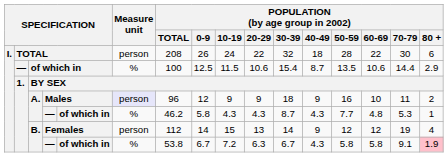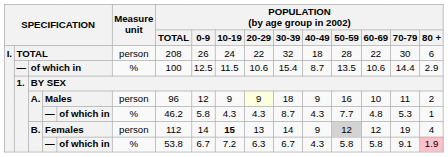 <table class="wikitable" style="font-size:85%; text-align:center">
 <tr>
 <th rowspan="2" colspan="5">SPECIFICATION</th>
 <th rowspan="2">Measure<br> unit</th>
 <th colspan="10" rowspan="1">POPULATION<br> (by age group in 2002)</th>
 </tr>
 <tr>
 <th>TOTAL</th>
 <th>0-9</th>
 <th>10-19</th>
 <th>20-29</th>
 <th>30-39</th>
 <th>40-49</th>
 <th>50-59</th>
 <th>60-69</th>
 <th>70-79</th>
 <th>80 +</th>
 </tr>
 <tr>
 <th style="text-align:left" valign="top" rowspan="7">I.</th>
 <th style="text-align:left" colspan="4">TOTAL</th>
 <td>person</td>
 <td>208</td>
 <td>26</td>
 <td>24</td>
 <td>22</td>
 <td>32</td>
 <td>18</td>
 <td>28</td>
 <td>22</td>
 <td>30</td>
 <td>6</td>
 </tr>
 <tr>
 <th style="text-align:left" valign="top">—</th>
 <th style="text-align:left" colspan="3">of which in</th>
 <td>%</td>
 <td>100</td>
 <td>12.5</td>
 <td>11.5</td>
 <td>10.6</td>
 <td>15.4</td>
 <td>8.7</td>
 <td>13.5</td>
 <td>10.6</td>
 <td>14.4</td>
 <td>2.9</td>
 </tr>
 <tr>
 <th style="text-align:left" valign="top" rowspan="5">1.</th>
 <th style="text-align:left" colspan="14">BY SEX</th>
 </tr>
 <tr>
 <th style="text-align:left" valign="top" rowspan="2">A.</th>
 <th style="text-align:left" colspan="2">Males</th>
-<td style="background: lavender;">person</td>
+<td>person</td>
 <td>96</td>
 <td>12</td>
 <td>9</td>
-<td>9</td>
+<td style="background: lightyellow;">9</td>
 <td>18</td>
 <td>9</td>
 <td>16</td>
 <td>10</td>
 <td>11</td>
 <td>2</td>
 </tr>
 <tr>
 <th style="text-align:left" valign="top">—</th>
 <th style="text-align:left" colspan="1">of which in</th>
 <td>%</td>
 <td>46.2</td>
 <td>5.8</td>
 <td>4.3</td>
 <td>4.3</td>
 <td>8.7</td>
 <td>4.3</td>
 <td>7.7</td>
 <td>4.8</td>
 <td>5.3</td>
 <td>1</td>
 </tr>
 <tr>
 <th style="text-align:left" valign="top" rowspan="2">B.</th>
 <th style="text-align:left" colspan="2">Females</th>
 <td>person</td>
 <td>112</td>
 <td>14</td>
-<td>15</td>
+<td><strong>15</strong></td>
 <td>13</td>
 <td>14</td>
 <td>9</td>
-<td>12</td>
+<td style="background: lightgrey;">12</td>
 <td>12</td>
 <td>19</td>
 <td>4</td>
 </tr>
 <tr>
 <th style="text-align:left" valign="top">—</th>
 <th style="text-align:left" colspan="1">of which in</th>
 <td>%</td>
 <td>53.8</td>
 <td>6.7</td>
 <td>7.2</td>
 <td>6.3</td>
 <td>6.7</td>
 <td>4.3</td>
 <td>5.8</td>
 <td>5.8</td>
 <td>9.1</td>
 <td style="background: pink;">1.9</td>
 </tr>
 </table>
